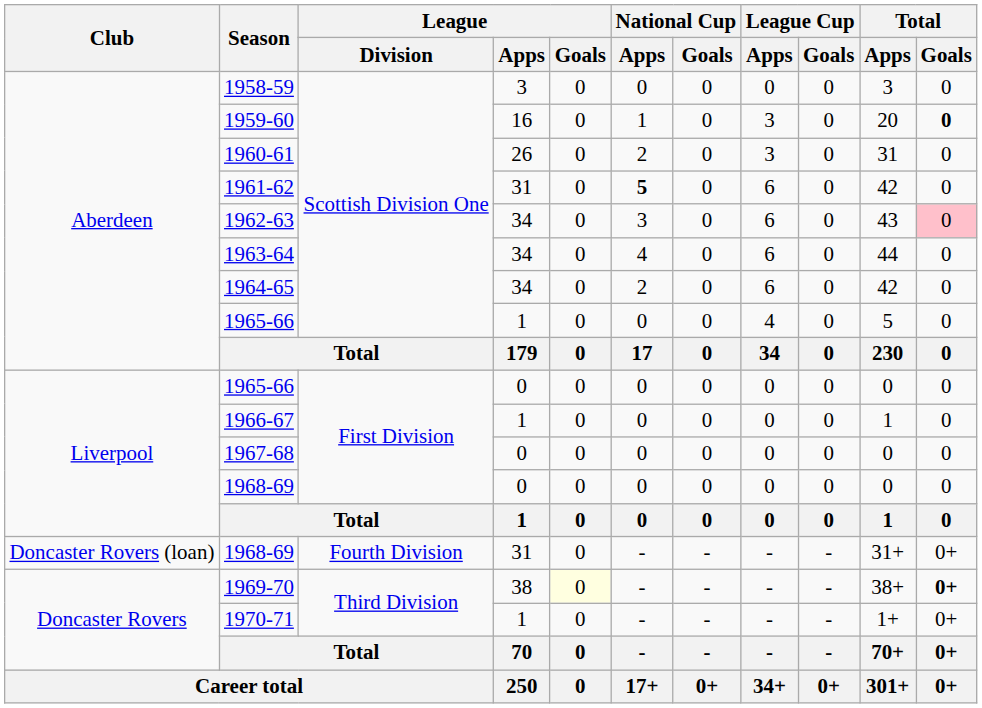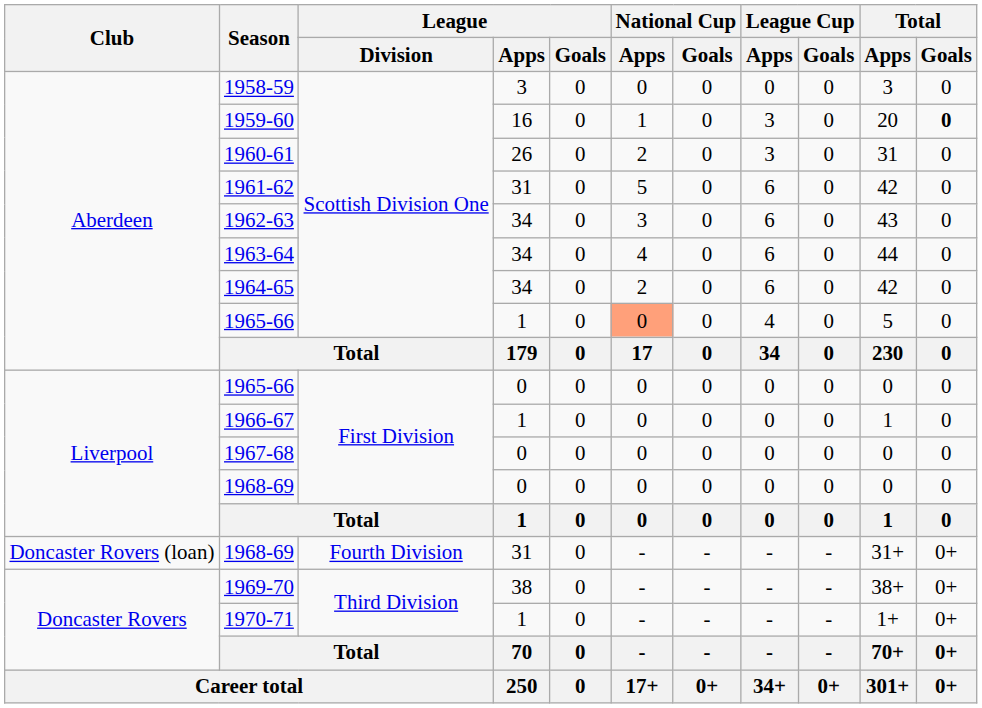 <table class="wikitable" style="text-align:center">
 <tr>
 <th rowspan="2">Club</th>
 <th rowspan="2">Season</th>
 <th colspan="3">League</th>
 <th colspan="2">National Cup</th>
 <th colspan="2">League Cup</th>
 <th colspan="2">Total</th>
 </tr>
 <tr>
 <th>Division</th>
 <th>Apps</th>
 <th>Goals</th>
 <th>Apps</th>
 <th>Goals</th>
 <th>Apps</th>
 <th>Goals</th>
 <th>Apps</th>
 <th>Goals</th>
 </tr>
 <tr>
 <td rowspan="9"><a href='#'>Aberdeen</a></td>
 <td><a href='#'>1958-59</a></td>
 <td rowspan="8"><a href='#'>Scottish Division One</a></td>
 <td>3</td>
 <td>0</td>
 <td>0</td>
 <td>0</td>
 <td>0</td>
 <td>0</td>
 <td>3</td>
 <td>0</td>
 </tr>
 <tr>
 <td><a href='#'>1959-60</a></td>
 <td>16</td>
 <td>0</td>
 <td>1</td>
 <td>0</td>
 <td>3</td>
 <td>0</td>
 <td>20</td>
 <td><strong>0</strong></td>
 </tr>
 <tr>
 <td><a href='#'>1960-61</a></td>
 <td>26</td>
 <td>0</td>
 <td>2</td>
 <td>0</td>
 <td>3</td>
 <td>0</td>
 <td>31</td>
 <td>0</td>
 </tr>
 <tr>
 <td><a href='#'>1961-62</a></td>
 <td>31</td>
 <td>0</td>
-<td><strong>5</strong></td>
+<td>5</td>
 <td>0</td>
 <td>6</td>
 <td>0</td>
 <td>42</td>
 <td>0</td>
 </tr>
 <tr>
 <td><a href='#'>1962-63</a></td>
 <td>34</td>
 <td>0</td>
 <td>3</td>
 <td>0</td>
 <td>6</td>
 <td>0</td>
 <td>43</td>
-<td style="background: pink;">0</td>
+<td>0</td>
 </tr>
 <tr>
 <td><a href='#'>1963-64</a></td>
 <td>34</td>
 <td>0</td>
 <td>4</td>
 <td>0</td>
 <td>6</td>
 <td>0</td>
 <td>44</td>
 <td>0</td>
 </tr>
 <tr>
 <td><a href='#'>1964-65</a></td>
 <td>34</td>
 <td>0</td>
 <td>2</td>
 <td>0</td>
 <td>6</td>
 <td>0</td>
 <td>42</td>
 <td>0</td>
 </tr>
 <tr>
 <td><a href='#'>1965-66</a></td>
 <td>1</td>
 <td>0</td>
-<td>0</td>
+<td style="background: lightsalmon;">0</td>
 <td>0</td>
 <td>4</td>
 <td>0</td>
 <td>5</td>
 <td>0</td>
 </tr>
 <tr>
 <th colspan="2">Total</th>
 <th>179</th>
 <th>0</th>
 <th>17</th>
 <th>0</th>
 <th>34</th>
 <th>0</th>
 <th>230</th>
 <th>0</th>
 </tr>
 <tr>
 <td rowspan="5"><a href='#'>Liverpool</a></td>
 <td><a href='#'>1965-66</a></td>
 <td rowspan="4"><a href='#'>First Division</a></td>
 <td>0</td>
 <td>0</td>
 <td>0</td>
 <td>0</td>
 <td>0</td>
 <td>0</td>
 <td>0</td>
 <td>0</td>
 </tr>
 <tr>
 <td><a href='#'>1966-67</a></td>
 <td>1</td>
 <td>0</td>
 <td>0</td>
 <td>0</td>
 <td>0</td>
 <td>0</td>
 <td>1</td>
 <td>0</td>
 </tr>
 <tr>
 <td><a href='#'>1967-68</a></td>
 <td>0</td>
 <td>0</td>
 <td>0</td>
 <td>0</td>
 <td>0</td>
 <td>0</td>
 <td>0</td>
 <td>0</td>
 </tr>
 <tr>
 <td><a href='#'>1968-69</a></td>
 <td>0</td>
 <td>0</td>
 <td>0</td>
 <td>0</td>
 <td>0</td>
 <td>0</td>
 <td>0</td>
 <td>0</td>
 </tr>
 <tr>
 <th colspan="2">Total</th>
 <th>1</th>
 <th>0</th>
 <th>0</th>
 <th>0</th>
 <th>0</th>
 <th>0</th>
 <th>1</th>
 <th>0</th>
 </tr>
 <tr>
 <td><a href='#'>Doncaster Rovers</a> (loan)</td>
 <td><a href='#'>1968-69</a></td>
 <td><a href='#'>Fourth Division</a></td>
 <td>31</td>
 <td>0</td>
 <td>-</td>
 <td>-</td>
 <td>-</td>
 <td>-</td>
 <td>31+</td>
 <td>0+</td>
 </tr>
 <tr>
 <td rowspan="3"><a href='#'>Doncaster Rovers</a></td>
 <td><a href='#'>1969-70</a></td>
 <td rowspan="2"><a href='#'>Third Division</a></td>
 <td>38</td>
-<td style="background: lightyellow;">0</td>
+<td>0</td>
 <td>-</td>
 <td>-</td>
 <td>-</td>
 <td>-</td>
 <td>38+</td>
-<td><strong>0+</strong></td>
+<td>0+</td>
 </tr>
 <tr>
 <td><a href='#'>1970-71</a></td>
 <td>1</td>
 <td>0</td>
 <td>-</td>
 <td>-</td>
 <td>-</td>
 <td>-</td>
 <td>1+</td>
 <td>0+</td>
 </tr>
 <tr>
 <th colspan="2">Total</th>
 <th>70</th>
 <th>0</th>
 <th>-</th>
 <th>-</th>
 <th>-</th>
 <th>-</th>
 <th>70+</th>
 <th>0+</th>
 </tr>
 <tr>
 <th colspan="3">Career total</th>
 <th>250</th>
 <th>0</th>
 <th>17+</th>
 <th>0+</th>
 <th>34+</th>
 <th>0+</th>
 <th>301+</th>
 <th>0+</th>
 </tr>
 </table>
